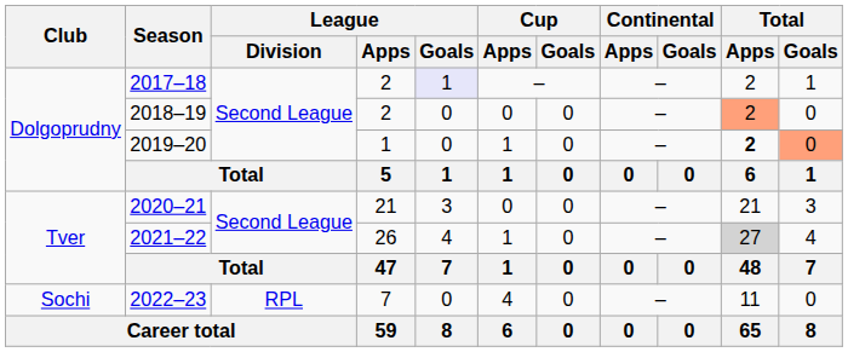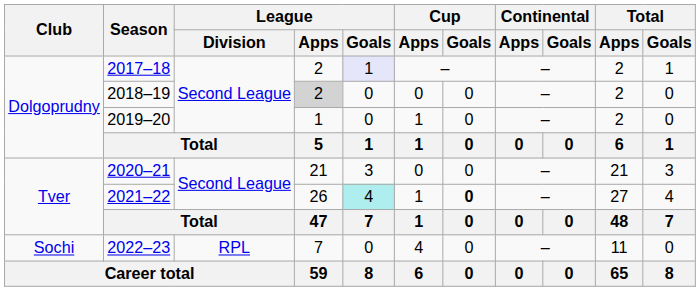 <table class="wikitable" style="text-align: center;">
 <tr>
 <th rowspan=2>Club</th>
 <th rowspan=2>Season</th>
 <th colspan=3>League</th>
 <th colspan=2>Cup</th>
 <th colspan=2>Continental</th>
 <th colspan=2>Total</th>
 </tr>
 <tr>
 <th>Division</th>
 <th>Apps</th>
 <th>Goals</th>
 <th>Apps</th>
 <th>Goals</th>
 <th>Apps</th>
 <th>Goals</th>
 <th>Apps</th>
 <th>Goals</th>
 </tr>
 <tr>
 <td rowspan="4"><a href='#'>Dolgoprudny</a></td>
 <td><a href='#'>2017–18</a></td>
 <td rowspan="3"><a href='#'>Second League</a></td>
 <td>2</td>
 <td style="background: lavender;">1</td>
 <td colspan=2>–</td>
 <td colspan=2>–</td>
 <td>2</td>
 <td>1</td>
 </tr>
 <tr>
 <td>2018–19</td>
-<td>2</td>
+<td style="background: lightgrey;">2</td>
 <td>0</td>
 <td>0</td>
 <td>0</td>
 <td colspan=2>–</td>
-<td style="background: lightsalmon;">2</td>
+<td>2</td>
 <td>0</td>
 </tr>
 <tr>
 <td>2019–20</td>
 <td>1</td>
 <td>0</td>
 <td>1</td>
 <td>0</td>
 <td colspan=2>–</td>
-<td><strong>2</strong></td>
-<td style="background: lightsalmon;">0</td>
+<td>2</td>
+<td>0</td>
 </tr>
 <tr>
 <th colspan=2>Total</th>
 <th>5</th>
 <th>1</th>
 <th>1</th>
 <th>0</th>
 <th>0</th>
 <th>0</th>
 <th>6</th>
 <th>1</th>
 </tr>
 <tr>
 <td rowspan="3"><a href='#'>Tver</a></td>
 <td><a href='#'>2020–21</a></td>
 <td rowspan="2"><a href='#'>Second League</a></td>
 <td>21</td>
 <td>3</td>
 <td>0</td>
 <td>0</td>
 <td colspan=2>–</td>
 <td>21</td>
 <td>3</td>
 </tr>
 <tr>
 <td><a href='#'>2021–22</a></td>
 <td>26</td>
-<td>4</td>
+<td style="background: paleturquoise;">4</td>
 <td>1</td>
-<td>0</td>
+<td><strong>0</strong></td>
 <td colspan=2>–</td>
-<td style="background: lightgrey;">27</td>
+<td>27</td>
 <td>4</td>
 </tr>
 <tr>
 <th colspan=2>Total</th>
 <th>47</th>
 <th>7</th>
 <th>1</th>
 <th>0</th>
 <th>0</th>
 <th>0</th>
 <th>48</th>
 <th>7</th>
 </tr>
 <tr>
 <td><a href='#'>Sochi</a></td>
 <td><a href='#'>2022–23</a></td>
 <td><a href='#'>RPL</a></td>
 <td>7</td>
 <td>0</td>
 <td>4</td>
 <td>0</td>
 <td colspan=2>–</td>
 <td>11</td>
 <td>0</td>
 </tr>
 <tr>
 <th colspan=3>Career total</th>
 <th>59</th>
 <th>8</th>
 <th>6</th>
 <th>0</th>
 <th>0</th>
 <th>0</th>
 <th>65</th>
 <th>8</th>
 </tr>
 </table>
